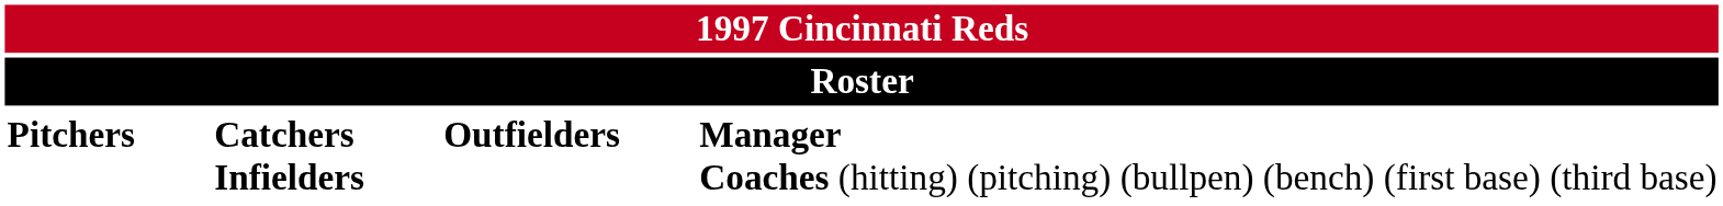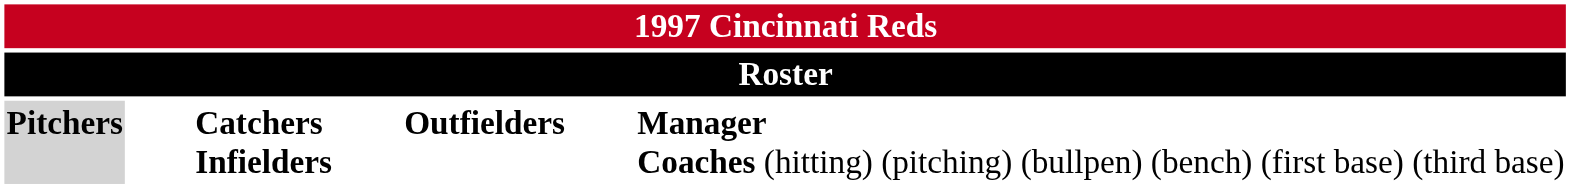 <table class="toccolours" style="font-size: 95%;">
 <tr>
 <th colspan="10" style="background:#c6011f; color:white; text-align:center;">1997 Cincinnati Reds</th>
 </tr>
 <tr>
 <td colspan="10" style="background:black; color:white; text-align:center;"><strong>Roster</strong></td>
 </tr>
 <tr>
-<td valign="top"><strong>Pitchers</strong><br>                        </td>
+<td valign="top" style="background: lightgrey;"><strong>Pitchers</strong><br>                        </td>
 <td style="width:25px;"></td>
 <td valign="top"><strong>Catchers</strong><br>   <strong>Infielders</strong>           </td>
 <td style="width:25px;"></td>
 <td valign="top"><strong>Outfielders</strong><br>          </td>
 <td style="width:25px;"></td>
 <td valign="top"><strong>Manager</strong><br>  <strong>Coaches</strong>  (hitting)  (pitching)  (bullpen)  (bench)  (first base)  (third base)</td>
 </tr>
 </table>
